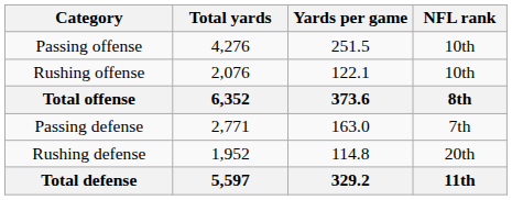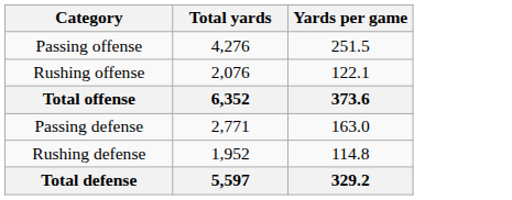 <table class="wikitable" style="text-align:center">
 <tr>
 <th width="150">Category</th>
 <th width="100">Total yards</th>
 <th width="110">Yards per game</th>
-<th width="80">NFL rank<br></th>
 </tr>
 <tr>
 <td>Passing offense</td>
 <td>4,276</td>
 <td>251.5</td>
-<td>10th</td>
 </tr>
 <tr>
 <td>Rushing offense</td>
 <td>2,076</td>
 <td>122.1</td>
-<td>10th</td>
 </tr>
 <tr>
 <th>Total offense</th>
 <th>6,352</th>
 <th>373.6</th>
-<th>8th</th>
 </tr>
 <tr>
 <td>Passing defense</td>
 <td>2,771</td>
 <td>163.0</td>
-<td>7th</td>
 </tr>
 <tr>
 <td>Rushing defense</td>
 <td>1,952</td>
 <td>114.8</td>
-<td>20th</td>
 </tr>
 <tr>
 <th>Total defense</th>
 <th>5,597</th>
 <th>329.2</th>
-<th>11th</th>
 </tr>
 </table>
